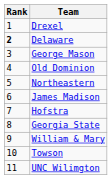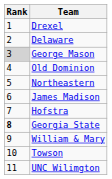 <table class=wikitable>
 <tr>
 <th>Rank</th>
 <th>Team</th>
 </tr>
 <tr>
 <td>1</td>
 <td><a href='#'>Drexel</a></td>
 </tr>
 <tr>
-<td><strong>2</strong></td>
+<td>2</td>
 <td><a href='#'>Delaware</a></td>
 </tr>
 <tr>
-<td>3</td>
+<td style="background: lightgrey;">3</td>
 <td><a href='#'>George Mason</a></td>
 </tr>
 <tr>
 <td>4</td>
 <td><a href='#'>Old Dominion</a></td>
 </tr>
 <tr>
 <td>5</td>
 <td><a href='#'>Northeastern</a></td>
 </tr>
 <tr>
 <td>6</td>
 <td><a href='#'>James Madison</a></td>
 </tr>
 <tr>
 <td>7</td>
 <td><a href='#'>Hofstra</a></td>
 </tr>
 <tr>
-<td>8</td>
+<td><strong>8</strong></td>
 <td><a href='#'>Georgia State</a></td>
 </tr>
 <tr>
 <td>9</td>
 <td><a href='#'>William & Mary</a></td>
 </tr>
 <tr>
 <td>10</td>
 <td><a href='#'>Towson</a></td>
 </tr>
 <tr>
 <td>11</td>
 <td><a href='#'>UNC Wilimgton</a></td>
 </tr>
 </table>
